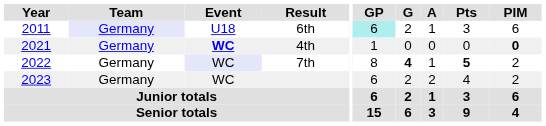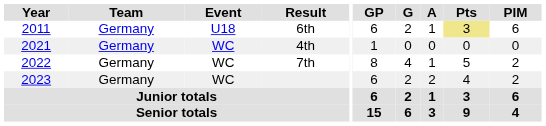 <table border="0" cellpadding="1" cellspacing="0" ID="Table3" style="text-align:center; width:40em">
 <tr ALIGN="center" bgcolor="#e0e0e0">
 <th>Year</th>
 <th>Team</th>
 <th>Event</th>
 <th>Result</th>
 <th rowspan="99" bgcolor="#ffffff"></th>
 <th>GP</th>
 <th>G</th>
 <th>A</th>
 <th>Pts</th>
 <th>PIM</th>
 </tr>
 <tr>
 <td><a href='#'>2011</a></td>
-<td style="background: lavender;"><a href='#'>Germany</a></td>
+<td><a href='#'>Germany</a></td>
 <td><a href='#'>U18</a></td>
 <td>6th</td>
-<td style="background: paleturquoise;">6</td>
+<td>6</td>
 <td>2</td>
 <td>1</td>
-<td>3</td>
+<td style="background: khaki;">3</td>
 <td>6</td>
 </tr>
 <tr bgcolor="#f0f0f0">
 <td><a href='#'>2021</a></td>
 <td><a href='#'>Germany</a></td>
-<td><strong><a href='#'>WC</a></strong></td>
+<td><a href='#'>WC</a></td>
 <td>4th</td>
 <td>1</td>
 <td>0</td>
 <td>0</td>
 <td>0</td>
-<td><strong>0</strong></td>
+<td>0</td>
 </tr>
 <tr>
 <td><a href='#'>2022</a></td>
 <td>Germany</td>
-<td style="background: lavender;">WC</td>
+<td>WC</td>
 <td>7th</td>
 <td>8</td>
-<td><strong>4</strong></td>
+<td>4</td>
 <td>1</td>
-<td><strong>5</strong></td>
+<td>5</td>
 <td>2</td>
 </tr>
 <tr bgcolor="#f0f0f0">
 <td><a href='#'>2023</a></td>
 <td>Germany</td>
 <td>WC</td>
 <td></td>
 <td>6</td>
 <td>2</td>
 <td>2</td>
 <td>4</td>
 <td>2</td>
 </tr>
 <tr bgcolor="#e0e0e0">
 <th colspan="4">Junior totals</th>
 <th>6</th>
 <th>2</th>
 <th>1</th>
 <th>3</th>
 <th>6</th>
 </tr>
 <tr bgcolor="#e0e0e0">
 <th colspan="4">Senior totals</th>
 <th>15</th>
 <th>6</th>
 <th>3</th>
 <th>9</th>
 <th>4</th>
 </tr>
 </table>
